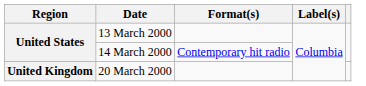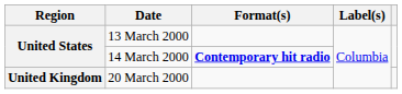 <table class="wikitable plainrowheaders">
 <tr>
 <th scope="col">Region</th>
 <th scope="col">Date</th>
 <th scope="col">Format(s)</th>
 <th scope="col">Label(s)</th>
 <th scope="col"></th>
 </tr>
 <tr>
 <th scope="row" rowspan="2">United States</th>
 <td>13 March 2000</td>
 <td></td>
 <td rowspan="3"><a href='#'>Columbia</a></td>
 <td rowspan="2" align="center"></td>
 </tr>
 <tr>
 <td>14 March 2000</td>
-<td><a href='#'>Contemporary hit radio</a></td>
+<td><strong><a href='#'>Contemporary hit radio</a></strong></td>
 </tr>
 <tr>
 <th scope="row">United Kingdom</th>
 <td>20 March 2000</td>
 <td></td>
 <td align="center"></td>
 </tr>
 </table>
